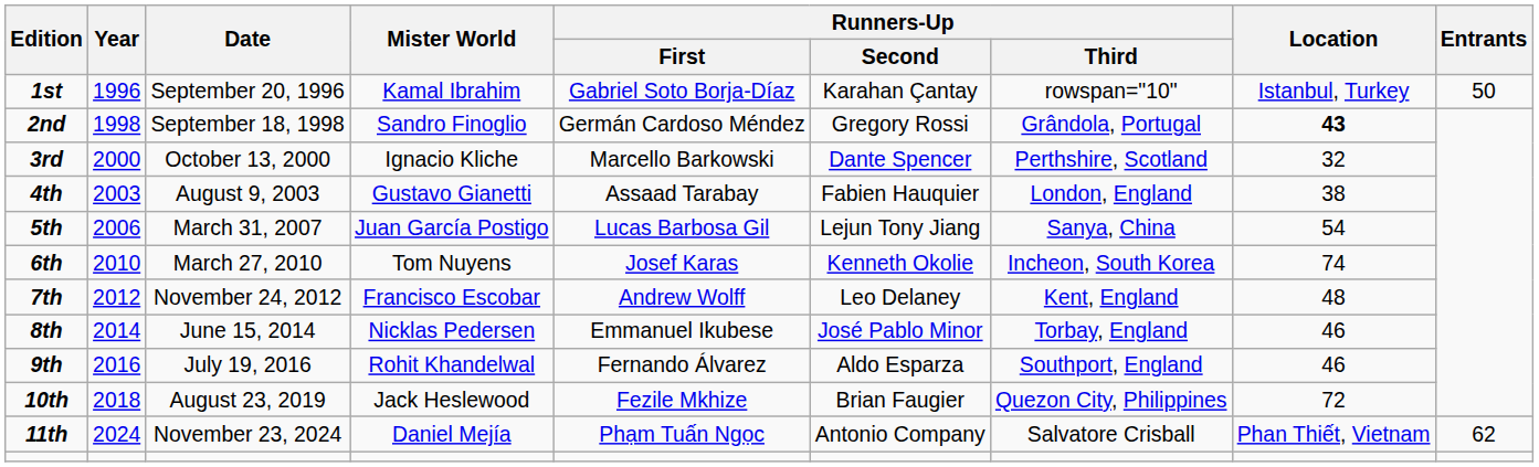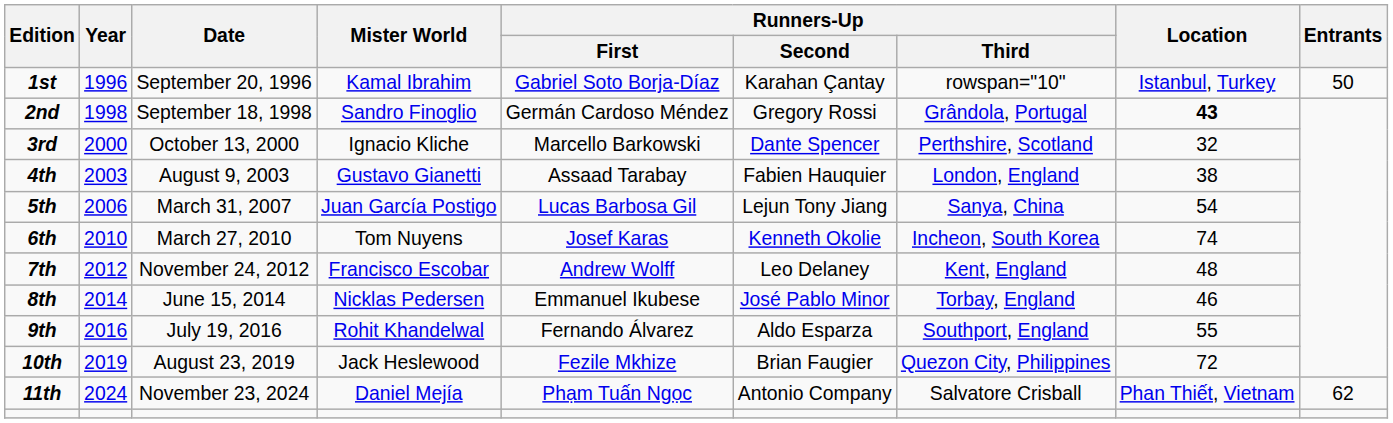 <table class="wikitable sortable" style="font-size:83%; text-align:center;">
 <tr>
 <th rowspan="2">Edition</th>
 <th rowspan="2">Year</th>
 <th rowspan="2">Date</th>
 <th rowspan="2">Mister World</th>
 <th colspan="3">Runners-Up</th>
 <th rowspan="2">Location</th>
 <th rowspan="2">Entrants</th>
 </tr>
 <tr>
 <th>First</th>
 <th>Second</th>
 <th>Third</th>
 </tr>
 <tr>
 <td><strong><em>1st</em></strong></td>
 <td><a href='#'>1996</a></td>
 <td>September 20, 1996</td>
 <td><a href='#'>Kamal Ibrahim</a><br></td>
 <td><a href='#'>Gabriel Soto Borja-Díaz</a><br></td>
 <td>Karahan Çantay<br></td>
 <td>rowspan="10" </td>
 <td><a href='#'>Istanbul</a>, <a href='#'>Turkey</a></td>
 <td>50</td>
 </tr>
 <tr>
 <td><strong><em>2nd</em></strong></td>
 <td><a href='#'>1998</a></td>
 <td>September 18, 1998</td>
 <td><a href='#'>Sandro Finoglio</a><br></td>
 <td>Germán Cardoso Méndez<br></td>
 <td>Gregory Rossi<br></td>
 <td><a href='#'>Grândola</a>, <a href='#'>Portugal</a></td>
 <td><strong>43</strong></td>
 </tr>
 <tr>
 <td><strong><em>3rd</em></strong></td>
 <td><a href='#'>2000</a></td>
 <td>October 13, 2000</td>
 <td>Ignacio Kliche<br></td>
 <td>Marcello Barkowski<br></td>
 <td><a href='#'>Dante Spencer</a><br></td>
 <td><a href='#'>Perthshire</a>, <a href='#'>Scotland</a></td>
 <td>32</td>
 </tr>
 <tr>
 <td><strong><em>4th</em></strong></td>
 <td><a href='#'>2003</a></td>
 <td>August 9, 2003</td>
 <td><a href='#'>Gustavo Gianetti</a><br></td>
 <td>Assaad Tarabay<br></td>
 <td>Fabien Hauquier<br></td>
 <td><a href='#'>London</a>, <a href='#'>England</a></td>
 <td>38</td>
 </tr>
 <tr>
 <td><strong><em>5th</em></strong></td>
 <td><a href='#'>2006</a></td>
 <td>March 31, 2007</td>
 <td><a href='#'>Juan García Postigo</a><br></td>
 <td><a href='#'>Lucas Barbosa Gil</a><br></td>
 <td>Lejun Tony Jiang<br></td>
 <td><a href='#'>Sanya</a>, <a href='#'>China</a></td>
 <td>54</td>
 </tr>
 <tr>
 <td><strong><em>6th</em></strong></td>
 <td><a href='#'>2010</a></td>
 <td>March 27, 2010</td>
 <td>Tom Nuyens<br></td>
 <td><a href='#'>Josef Karas</a><br></td>
 <td><a href='#'>Kenneth Okolie</a><br></td>
 <td><a href='#'>Incheon</a>, <a href='#'>South Korea</a></td>
 <td>74</td>
 </tr>
 <tr>
 <td><strong><em>7th</em></strong></td>
 <td><a href='#'>2012</a></td>
 <td>November 24, 2012</td>
 <td><a href='#'>Francisco Escobar</a><br></td>
 <td><a href='#'>Andrew Wolff</a><br></td>
 <td>Leo Delaney<br></td>
 <td><a href='#'>Kent</a>, <a href='#'>England</a></td>
 <td>48</td>
 </tr>
 <tr>
 <td><strong><em>8th</em></strong></td>
 <td><a href='#'>2014</a></td>
 <td>June 15, 2014</td>
 <td><a href='#'>Nicklas Pedersen</a><br></td>
 <td>Emmanuel Ikubese<br></td>
 <td><a href='#'>José Pablo Minor</a><br></td>
 <td><a href='#'>Torbay</a>, <a href='#'>England</a></td>
 <td>46</td>
 </tr>
 <tr>
 <td><strong><em>9th</em></strong></td>
 <td><a href='#'>2016</a></td>
 <td>July 19, 2016</td>
 <td><a href='#'>Rohit Khandelwal</a><br></td>
 <td>Fernando Álvarez<br></td>
 <td>Aldo Esparza <br></td>
 <td><a href='#'>Southport</a>, <a href='#'>England</a></td>
-<td>46</td>
+<td>55</td>
 </tr>
 <tr>
 <td><strong><em>10th</em></strong></td>
-<td><a href='#'>2018</a></td>
+<td><a href='#'>2019</a></td>
 <td>August 23, 2019</td>
 <td>Jack Heslewood<br></td>
 <td><a href='#'>Fezile Mkhize</a><br></td>
 <td>Brian Faugier<br></td>
 <td><a href='#'>Quezon City</a>, <a href='#'>Philippines</a></td>
 <td>72</td>
 </tr>
 <tr>
 <td><strong><em>11th</em></strong></td>
 <td><a href='#'>2024</a></td>
 <td>November 23, 2024</td>
 <td><a href='#'>Daniel Mejía</a><br></td>
 <td><a href='#'>Phạm Tuấn Ngọc</a><br></td>
 <td>Antonio Company<br></td>
 <td>Salvatore Crisball<br></td>
 <td><a href='#'>Phan Thiết</a>, <a href='#'>Vietnam</a></td>
 <td>62</td>
 </tr>
 <tr>
 <td></td>
 <td></td>
 <td></td>
 <td></td>
 <td></td>
 <td></td>
 <td></td>
 <td></td>
 <td></td>
 </tr>
 </table>
